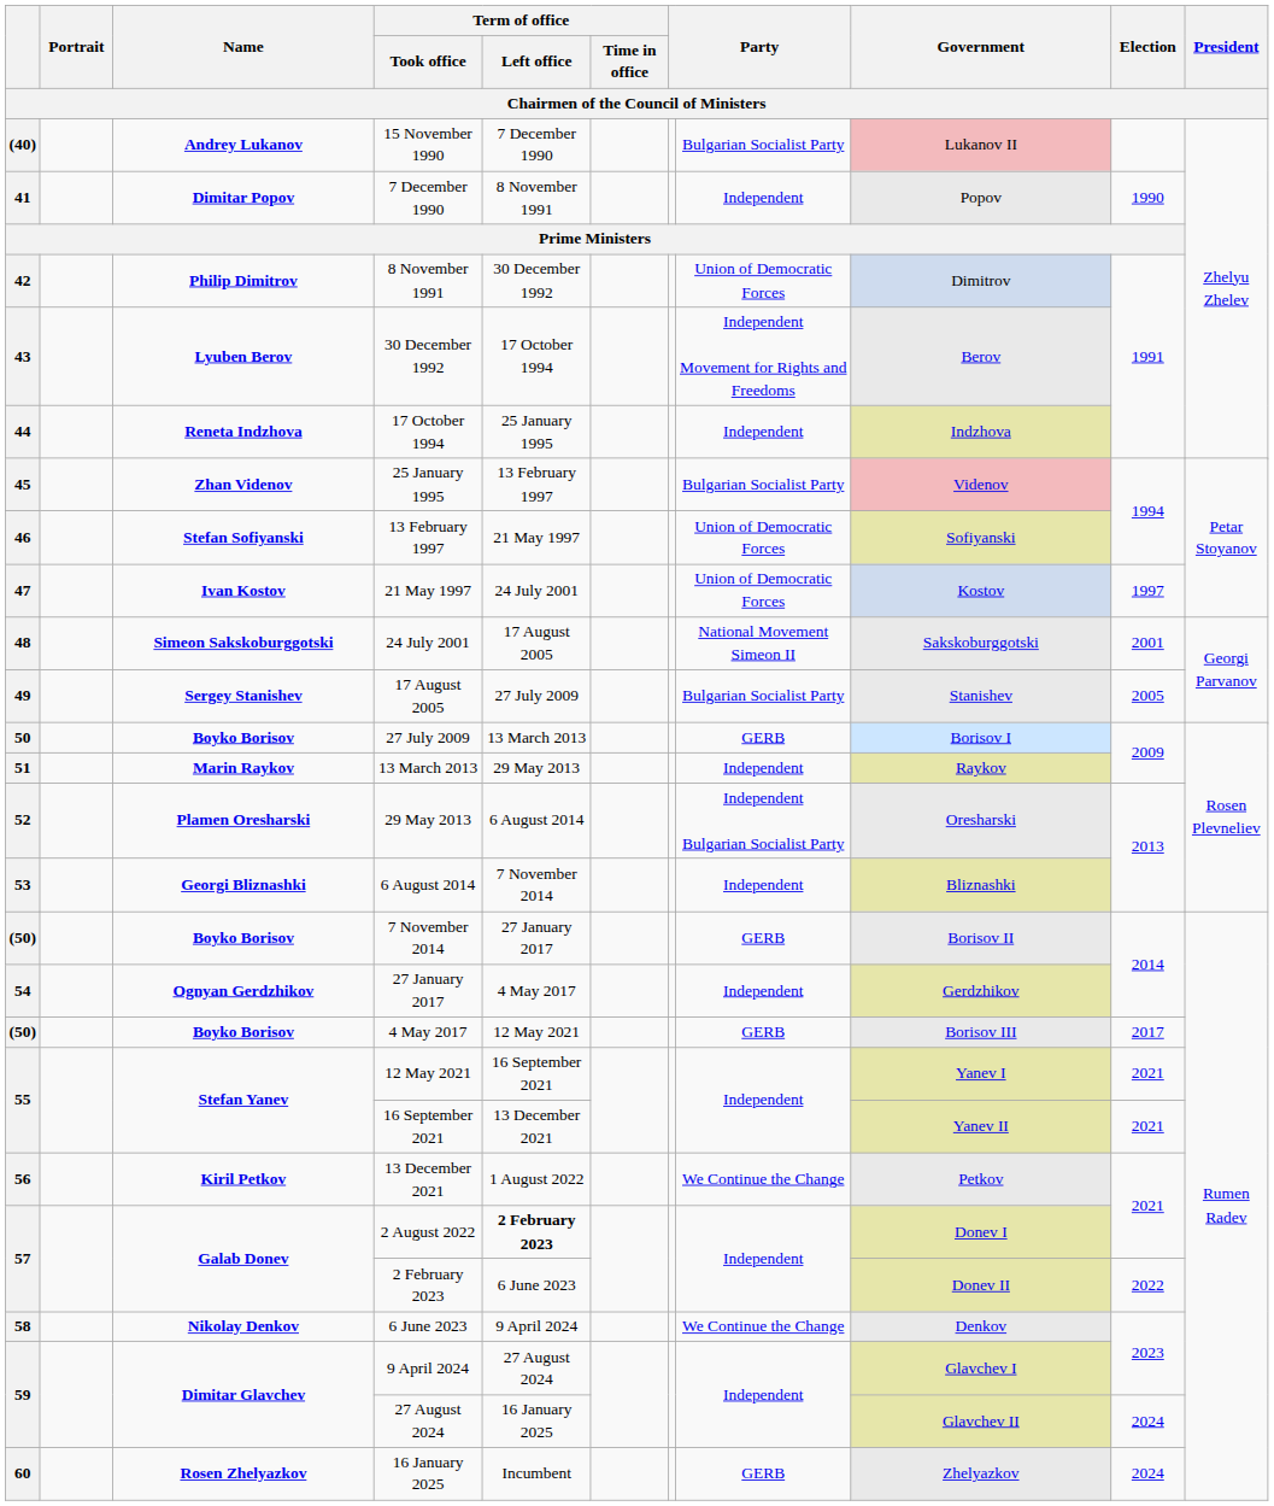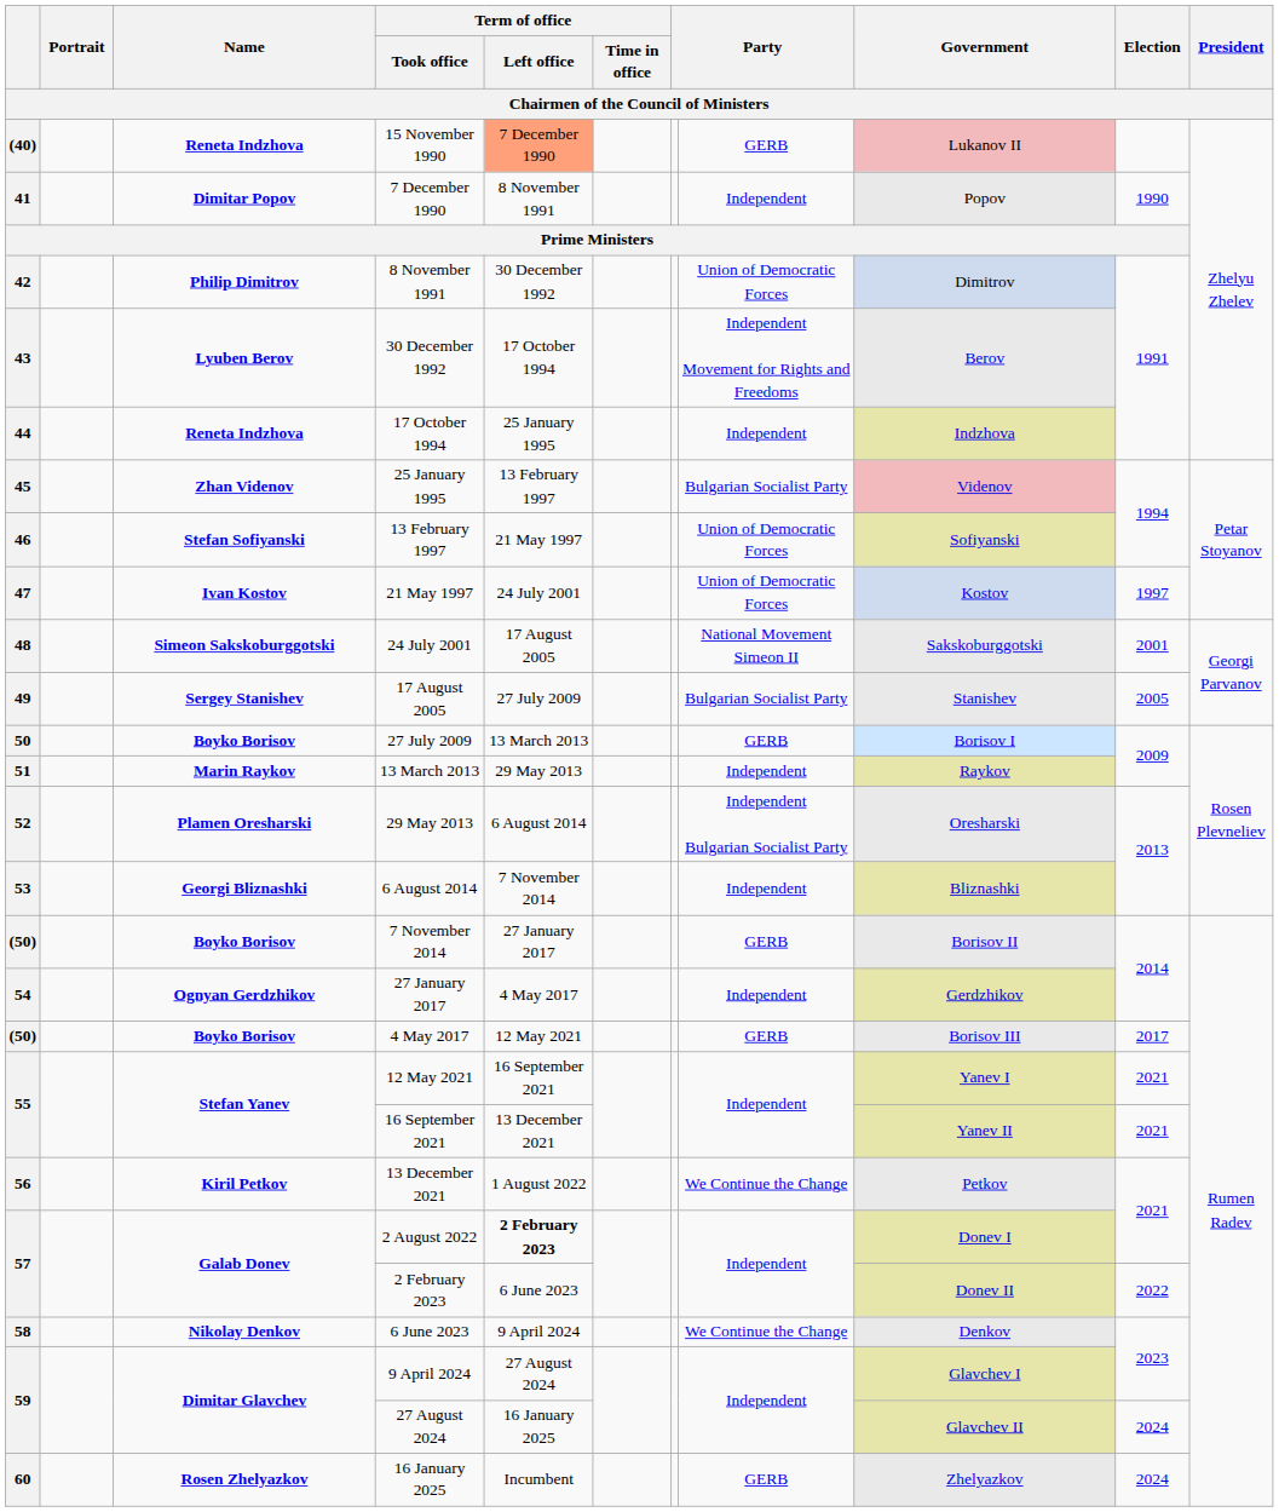 <table class="wikitable" style="line-height:1.4em; text-align:center; border:1px #aaf solid;">
 <tr>
 <th rowspan="2"></th>
 <th rowspan="2" width="65">Portrait</th>
 <th rowspan="2" width="250">Name<br></th>
 <th colspan="3">Term of office</th>
 <th rowspan="2" colspan="2" width="90">Party</th>
 <th rowspan="2" width="250">Government<br></th>
 <th rowspan="2" width="65">Election</th>
 <th rowspan="2" width="75"><a href='#'>President</a><br></th>
 </tr>
 <tr>
 <th>Took office</th>
 <th>Left office</th>
 <th>Time in office</th>
 </tr>
 <tr>
 <th colspan=11>Chairmen of the Council of Ministers<br></th>
 </tr>
 <tr>
 <th>(40)</th>
 <td></td>
-<td><strong><a href='#'>Andrey Lukanov</a></strong><br></td>
+<td><strong><a href='#'>Reneta Indzhova</a></strong><br></td>
 <td>15 November 1990</td>
-<td>7 December 1990</td>
+<td style="background: lightsalmon;">7 December 1990</td>
 <td></td>
 <td style="background:"></td>
-<td><a href='#'>Bulgarian Socialist Party</a></td>
+<td><a href='#'>GERB</a></td>
 <td style="background:#F3BABD;">Lukanov II<br></td>
 <td style="color:#ccc;"></td>
 <td rowspan=7><a href='#'>Zhelyu Zhelev</a></td>
 </tr>
 <tr>
 <th>41</th>
 <td></td>
 <td><strong><a href='#'>Dimitar Popov</a></strong><br></td>
 <td>7 December 1990</td>
 <td>8 November 1991</td>
 <td></td>
 <td style="background:"></td>
 <td><a href='#'>Independent</a></td>
 <td style="background:#E9E9E9;">Popov<br></td>
 <td><a href='#'>1990</a></td>
 </tr>
 <tr>
 <th colspan=10>Prime Ministers<br></th>
 </tr>
 <tr>
 <th>42</th>
 <td></td>
 <td><strong><a href='#'>Philip Dimitrov</a></strong><br></td>
 <td>8 November 1991</td>
 <td>30 December 1992</td>
 <td></td>
 <td style="background:"></td>
 <td><a href='#'>Union of Democratic Forces</a></td>
 <td style="background:#CEDBEE;">Dimitrov<br></td>
 <td rowspan="3"><a href='#'>1991</a></td>
 </tr>
 <tr>
 <th>43</th>
 <td></td>
 <td><strong><a href='#'>Lyuben Berov</a></strong><br></td>
 <td>30 December 1992</td>
 <td>17 October 1994</td>
 <td></td>
 <td style="background:"></td>
 <td><a href='#'>Independent</a><br><br><a href='#'>Movement for Rights and Freedoms</a></td>
 <td style="background:#E9E9E9;"><a href='#'>Berov</a></td>
 </tr>
 <tr>
 <th>44</th>
 <td></td>
 <td><strong><a href='#'>Reneta Indzhova</a></strong><br></td>
 <td>17 October 1994</td>
 <td>25 January 1995</td>
 <td></td>
 <td style="background:"></td>
 <td><a href='#'>Independent</a></td>
 <td style="background:#E6E6AA;"><a href='#'>Indzhova</a></td>
 </tr>
 <tr>
 <th rowspan="2">45</th>
 <td rowspan="2"></td>
 <td rowspan="2"><strong><a href='#'>Zhan Videnov</a></strong><br></td>
 <td rowspan="2">25 January 1995</td>
 <td rowspan="2">13 February 1997</td>
 <td rowspan="2"></td>
 <td rowspan="2" style="background:"></td>
 <td rowspan="2"><a href='#'>Bulgarian Socialist Party</a></td>
 <td rowspan="2" style="background:#F3BABD;"><a href='#'>Videnov</a><br></td>
 <td rowspan="3"><a href='#'>1994</a></td>
 </tr>
 <tr>
 <td rowspan=4><a href='#'>Petar Stoyanov</a></td>
 </tr>
 <tr>
 <th>46</th>
 <td></td>
 <td><strong><a href='#'>Stefan Sofiyanski</a></strong><br></td>
 <td>13 February 1997</td>
 <td>21 May 1997</td>
 <td></td>
 <td style="background:"></td>
 <td><a href='#'>Union of Democratic Forces</a></td>
 <td style="background:#E6E6AA;"><a href='#'>Sofiyanski</a><br></td>
 </tr>
 <tr>
 <th>47</th>
 <td></td>
 <td><strong><a href='#'>Ivan Kostov</a></strong><br></td>
 <td>21 May 1997</td>
 <td>24 July 2001</td>
 <td></td>
 <td style="background:"></td>
 <td><a href='#'>Union of Democratic Forces</a></td>
 <td style="background:#CEDBEE;"><a href='#'>Kostov</a><br></td>
 <td><a href='#'>1997</a></td>
 </tr>
 <tr>
 <th rowspan="2">48</th>
 <td rowspan="2"></td>
 <td rowspan="2"><strong><a href='#'>Simeon Sakskoburggotski</a></strong><br></td>
 <td rowspan="2">24 July 2001</td>
 <td rowspan="2">17 August 2005</td>
 <td rowspan="2"></td>
 <td rowspan="2" style="background:"></td>
 <td rowspan="2"><a href='#'>National Movement Simeon II</a></td>
 <td rowspan="2" style="background:#E9E9E9;"><a href='#'>Sakskoburggotski</a><br></td>
 <td rowspan="2"><a href='#'>2001</a></td>
 </tr>
 <tr>
 <td rowspan=3><a href='#'>Georgi Parvanov</a></td>
 </tr>
 <tr>
 <th>49</th>
 <td></td>
 <td><strong><a href='#'>Sergey Stanishev</a></strong><br></td>
 <td>17 August 2005</td>
 <td>27 July 2009</td>
 <td></td>
 <td style="background:"></td>
 <td><a href='#'>Bulgarian Socialist Party</a></td>
 <td style="background:#E9E9E9;"><a href='#'>Stanishev</a><br></td>
 <td><a href='#'>2005</a></td>
 </tr>
 <tr>
 <th rowspan="2">50</th>
 <td rowspan="2"></td>
 <td rowspan="2"><strong><a href='#'>Boyko Borisov</a></strong><br></td>
 <td rowspan="2">27 July 2009</td>
 <td rowspan="2">13 March 2013</td>
 <td rowspan="2"></td>
 <td rowspan="2" style="background:"></td>
 <td rowspan="2"><a href='#'>GERB</a></td>
 <td rowspan="2" style="background:#CCE6FF;"><a href='#'>Borisov I</a><br></td>
 <td rowspan="3"><a href='#'>2009</a></td>
 </tr>
 <tr>
 <td rowspan=5><a href='#'>Rosen Plevneliev</a></td>
 </tr>
 <tr>
 <th>51</th>
 <td></td>
 <td><strong><a href='#'>Marin Raykov</a></strong><br></td>
 <td>13 March 2013</td>
 <td>29 May 2013</td>
 <td></td>
 <td style="background:"></td>
 <td><a href='#'>Independent</a></td>
 <td style="background:#E6E6AA;"><a href='#'>Raykov</a></td>
 </tr>
 <tr>
 <th>52</th>
 <td></td>
 <td><strong><a href='#'>Plamen Oresharski</a></strong><br></td>
 <td>29 May 2013</td>
 <td>6 August 2014</td>
 <td></td>
 <td style="background:"></td>
 <td><a href='#'>Independent</a><br><br><a href='#'>Bulgarian Socialist Party</a></td>
 <td style="background:#E9E9E9;"><a href='#'>Oresharski</a><br></td>
 <td rowspan="2"><a href='#'>2013</a></td>
 </tr>
 <tr>
 <th>53</th>
 <td></td>
 <td><strong><a href='#'>Georgi Bliznashki</a></strong><br></td>
 <td>6 August 2014</td>
 <td>7 November 2014</td>
 <td></td>
 <td style="background:"></td>
 <td><a href='#'>Independent</a></td>
 <td style="background:#E6E6AA;"><a href='#'>Bliznashki</a></td>
 </tr>
 <tr>
 <th rowspan="2">(50)</th>
 <td rowspan="2"></td>
 <td rowspan="2"><strong><a href='#'>Boyko Borisov</a></strong><br></td>
 <td rowspan="2">7 November 2014</td>
 <td rowspan="2">27 January 2017</td>
 <td rowspan="2"></td>
 <td rowspan="2" style="background:"></td>
 <td rowspan="2"><a href='#'>GERB</a></td>
 <td rowspan="2" style="background:#E9E9E9;"><a href='#'>Borisov II</a><br></td>
 <td rowspan="3"><a href='#'>2014</a></td>
 </tr>
 <tr>
 <td rowspan=12><a href='#'>Rumen Radev</a></td>
 </tr>
 <tr>
 <th>54</th>
 <td></td>
 <td><strong><a href='#'>Ognyan Gerdzhikov</a></strong><br></td>
 <td>27 January 2017</td>
 <td>4 May 2017</td>
 <td></td>
 <td style="background:"></td>
 <td><a href='#'>Independent</a></td>
 <td style="background:#E6E6AA;"><a href='#'>Gerdzhikov</a></td>
 </tr>
 <tr>
 <th>(50)</th>
 <td></td>
 <td><strong><a href='#'>Boyko Borisov</a></strong><br></td>
 <td>4 May 2017</td>
 <td>12 May 2021</td>
 <td></td>
 <td style="background:"></td>
 <td><a href='#'>GERB</a></td>
 <td style="background:#E9E9E9;"><a href='#'>Borisov III</a><br></td>
 <td><a href='#'>2017</a></td>
 </tr>
 <tr>
 <th rowspan="2">55</th>
 <td rowspan="2"></td>
 <td rowspan="2"><strong><a href='#'>Stefan Yanev</a></strong><br></td>
 <td>12 May 2021</td>
 <td>16 September 2021</td>
 <td rowspan="2"></td>
 <td rowspan="2" style="background:"></td>
 <td rowspan="2"><a href='#'>Independent</a></td>
 <td style="background:#E6E6AA;"><a href='#'>Yanev I</a></td>
 <td><a href='#'>2021<br></a></td>
 </tr>
 <tr>
 <td>16 September 2021</td>
 <td>13 December 2021</td>
 <td style="background:#E6E6AA;"><a href='#'>Yanev II</a></td>
 <td><a href='#'>2021<br></a></td>
 </tr>
 <tr>
 <th>56</th>
 <td></td>
 <td><strong><a href='#'>Kiril Petkov</a></strong><br></td>
 <td>13 December 2021</td>
 <td>1 August 2022</td>
 <td></td>
 <td style="background:"></td>
 <td><a href='#'>We Continue the Change</a></td>
 <td style="background:#E9E9E9;"><a href='#'>Petkov</a><br></td>
 <td rowspan="2"><a href='#'>2021<br></a></td>
 </tr>
 <tr>
 <th rowspan="2">57</th>
 <td rowspan="2"></td>
 <td rowspan="2"><strong><a href='#'>Galab Donev</a></strong><br></td>
 <td>2 August 2022</td>
 <td><strong>2 February 2023</strong></td>
 <td rowspan="2"></td>
 <td rowspan="2" style="background:"></td>
 <td rowspan="2"><a href='#'>Independent</a></td>
 <td style="background:#E6E6AA;"><a href='#'>Donev I</a></td>
 </tr>
 <tr>
 <td>2 February 2023</td>
 <td>6 June 2023</td>
 <td style="background:#E6E6AA;"><a href='#'>Donev II</a></td>
 <td><a href='#'>2022</a></td>
 </tr>
 <tr>
 <th>58</th>
 <td></td>
 <td><strong><a href='#'>Nikolay Denkov</a></strong><br></td>
 <td>6 June 2023</td>
 <td>9 April 2024</td>
 <td></td>
 <td style="background:"></td>
 <td><a href='#'>We Continue the Change</a></td>
 <td style="background:#E9E9E9;"><a href='#'>Denkov</a><br></td>
 <td rowspan="2"><a href='#'>2023</a></td>
 </tr>
 <tr>
 <th rowspan="2">59</th>
 <td rowspan="2"></td>
 <td rowspan="2"><strong><a href='#'>Dimitar Glavchev</a></strong><br></td>
 <td>9 April 2024</td>
 <td>27 August 2024</td>
 <td rowspan="2"></td>
 <td rowspan="2" style="background:"></td>
 <td rowspan="2"><a href='#'>Independent</a></td>
 <td style="background:#E6E6AA;"><a href='#'>Glavchev I</a></td>
 </tr>
 <tr>
 <td>27 August 2024</td>
 <td>16 January 2025</td>
 <td style="background:#E6E6AA;"><a href='#'>Glavchev II</a></td>
 <td><a href='#'>2024<br></a></td>
 </tr>
 <tr>
 <th>60</th>
 <td></td>
 <td><strong><a href='#'>Rosen Zhelyazkov</a></strong><br></td>
 <td>16 January 2025</td>
 <td>Incumbent</td>
 <td></td>
 <td style="background:"></td>
 <td><a href='#'>GERB</a></td>
 <td style="background:#E9E9E9;"><a href='#'>Zhelyazkov</a><br></td>
 <td><a href='#'>2024<br></a></td>
 </tr>
 </table>
